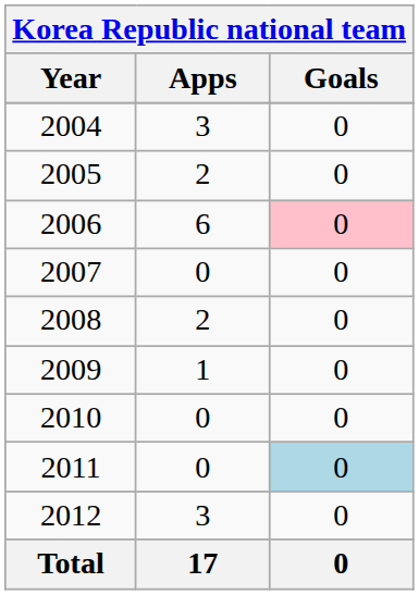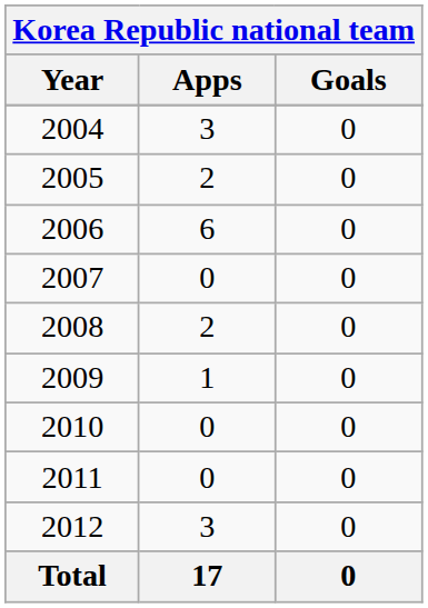 <table class="wikitable" style="text-align:center">
 <tr>
 <th colspan=3><a href='#'>Korea Republic national team</a></th>
 </tr>
 <tr>
 <th>Year</th>
 <th>Apps</th>
 <th>Goals</th>
 </tr>
 <tr>
 </tr>
 <tr>
 <td>2004</td>
 <td>3</td>
 <td>0</td>
 </tr>
 <tr>
 <td>2005</td>
 <td>2</td>
 <td>0</td>
 </tr>
 <tr>
 <td>2006</td>
 <td>6</td>
-<td style="background: pink;">0</td>
+<td>0</td>
 </tr>
 <tr>
 <td>2007</td>
 <td>0</td>
 <td>0</td>
 </tr>
 <tr>
 <td>2008</td>
 <td>2</td>
 <td>0</td>
 </tr>
 <tr>
 <td>2009</td>
 <td>1</td>
 <td>0</td>
 </tr>
 <tr>
 <td>2010</td>
 <td>0</td>
 <td>0</td>
 </tr>
 <tr>
 <td>2011</td>
 <td>0</td>
-<td style="background: lightblue;">0</td>
+<td>0</td>
 </tr>
 <tr>
 <td>2012</td>
 <td>3</td>
 <td>0</td>
 </tr>
 <tr>
 <th>Total</th>
 <th>17</th>
 <th>0</th>
 </tr>
 </table>
